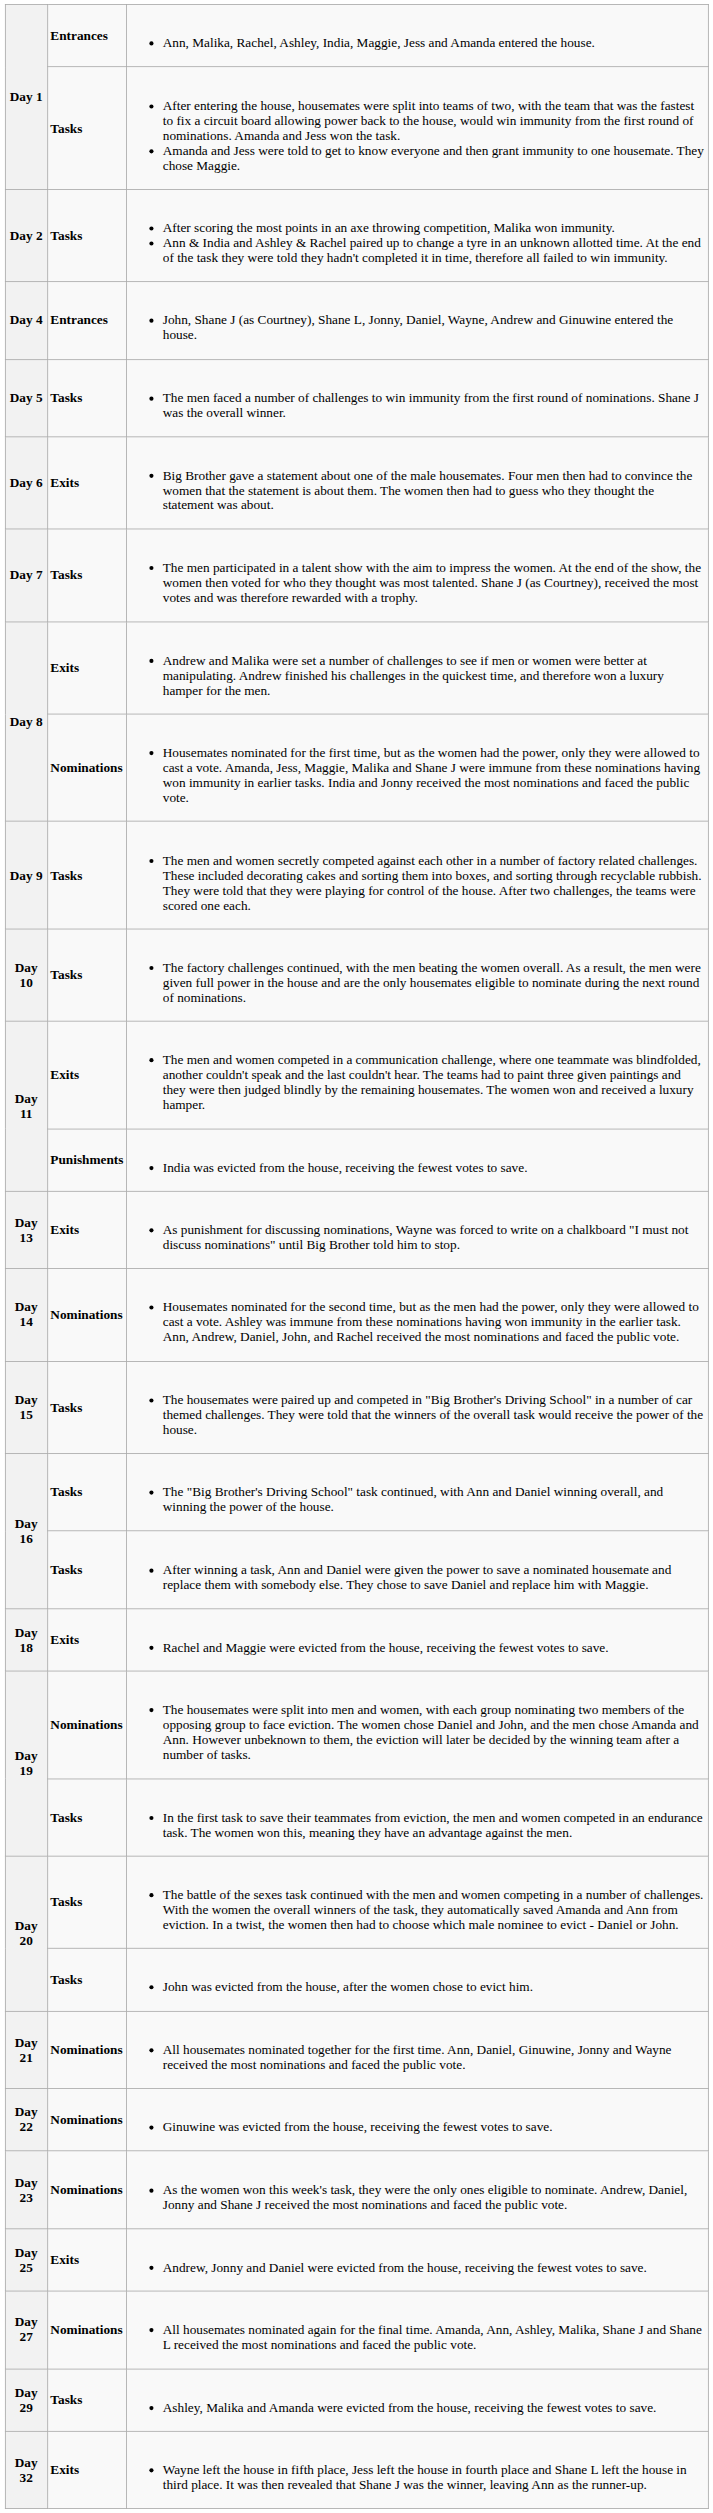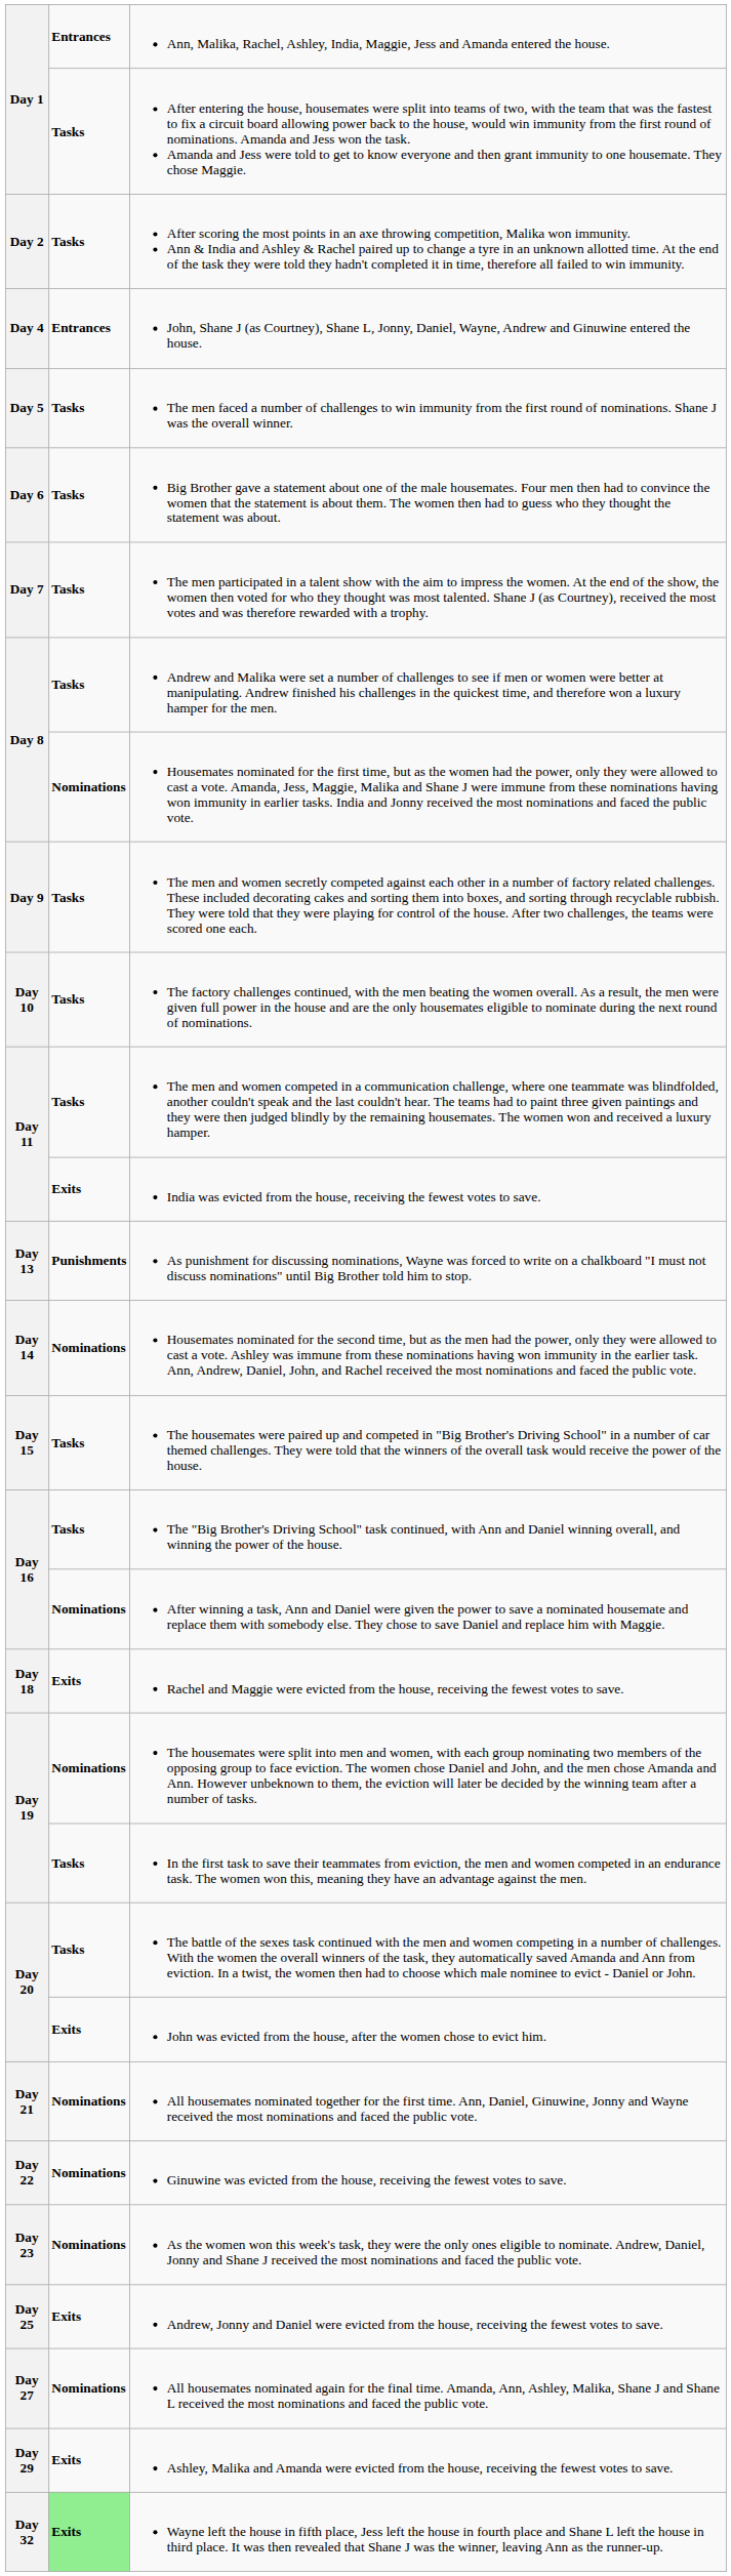 <table class="wikitable" style="width: 96%; margin-left: auto; margin-right: auto;">
 <tr>
 <th rowspan=2 style="width: 6%;">Day 1</th>
 <td><strong>Entrances</strong></td>
 <td><br><ul><li>Ann, Malika, Rachel, Ashley, India, Maggie, Jess and Amanda entered the house.</li></ul></td>
 </tr>
 <tr>
 <td><strong>Tasks</strong></td>
 <td><br><ul><li>After entering the house, housemates were split into teams of two, with the team that was the fastest to fix a circuit board allowing power back to the house, would win immunity from the first round of nominations. Amanda and Jess won the task.</li><li>Amanda and Jess were told to get to know everyone and then grant immunity to one housemate. They chose Maggie.</li></ul></td>
 </tr>
 <tr>
 <th rowspan= style="width: 6%;">Day 2</th>
 <td><strong>Tasks</strong></td>
 <td><br><ul><li>After scoring the most points in an axe throwing competition, Malika won immunity.</li><li>Ann & India and Ashley & Rachel paired up to change a tyre in an unknown allotted time. At the end of the task they were told they hadn't completed it in time, therefore all failed to win immunity.</li></ul></td>
 </tr>
 <tr>
 <th style="width: 6%;">Day 4</th>
 <td><strong>Entrances</strong></td>
 <td><br><ul><li>John, Shane J (as Courtney), Shane L, Jonny, Daniel, Wayne, Andrew and Ginuwine entered the house.</li></ul></td>
 </tr>
 <tr>
 <th style="width: 6%;">Day 5</th>
 <td><strong>Tasks</strong></td>
 <td><br><ul><li>The men faced a number of challenges to win immunity from the first round of nominations. Shane J was the overall winner.</li></ul></td>
 </tr>
 <tr>
 <th style="width: 6%;">Day 6</th>
-<td><strong>Exits</strong></td>
+<td><strong>Tasks</strong></td>
 <td><br><ul><li>Big Brother gave a statement about one of the male housemates. Four men then had to convince the women that the statement is about them. The women then had to guess who they thought the statement was about.</li></ul></td>
 </tr>
 <tr>
 <th style="width: 6%;">Day 7</th>
 <td><strong>Tasks</strong></td>
 <td><br><ul><li>The men participated in a talent show with the aim to impress the women. At the end of the show, the women then voted for who they thought was most talented. Shane J (as Courtney), received the most votes and was therefore rewarded with a trophy.</li></ul></td>
 </tr>
 <tr>
 <th rowspan=2 style="width: 6%;">Day 8</th>
-<td><strong>Exits</strong></td>
+<td><strong>Tasks</strong></td>
 <td><br><ul><li>Andrew and Malika were set a number of challenges to see if men or women were better at manipulating. Andrew finished his challenges in the quickest time, and therefore won a luxury hamper for the men.</li></ul></td>
 </tr>
 <tr>
 <td><strong>Nominations</strong></td>
 <td><br><ul><li>Housemates nominated for the first time, but as the women had the power, only they were allowed to cast a vote. Amanda, Jess, Maggie, Malika and Shane J were immune from these nominations having won immunity in earlier tasks. India and Jonny received the most nominations and faced the public vote.</li></ul></td>
 </tr>
 <tr>
 <th rowspan= style="width: 6%;">Day 9</th>
 <td><strong>Tasks</strong></td>
 <td><br><ul><li>The men and women secretly competed against each other in a number of factory related challenges. These included decorating cakes and sorting them into boxes, and sorting through recyclable rubbish. They were told that they were playing for control of the house. After two challenges, the teams were scored one each.</li></ul></td>
 </tr>
 <tr>
 <th rowspan= style="width: 6%;">Day 10</th>
 <td><strong>Tasks</strong></td>
 <td><br><ul><li>The factory challenges continued, with the men beating the women overall. As a result, the men were given full power in the house and are the only housemates eligible to nominate during the next round of nominations.</li></ul></td>
 </tr>
 <tr>
 <th rowspan=2 style="width: 6%;">Day 11</th>
-<td><strong>Exits</strong></td>
+<td><strong>Tasks</strong></td>
 <td><br><ul><li>The men and women competed in a communication challenge, where one teammate was blindfolded, another couldn't speak and the last couldn't hear. The teams had to paint three given paintings and they were then judged blindly by the remaining housemates. The women won and received a luxury hamper.</li></ul></td>
 </tr>
 <tr>
-<td><strong>Punishments</strong></td>
+<td><strong>Exits</strong></td>
 <td><br><ul><li>India was evicted from the house, receiving the fewest votes to save.</li></ul></td>
 </tr>
 <tr>
 <th rowspan= style="width: 6%;">Day 13</th>
-<td><strong>Exits</strong></td>
+<td><strong>Punishments</strong></td>
 <td><br><ul><li>As punishment for discussing nominations, Wayne was forced to write on a chalkboard "I must not discuss nominations" until Big Brother told him to stop.</li></ul></td>
 </tr>
 <tr>
 <th rowspan= style="width: 6%;">Day 14</th>
 <td><strong>Nominations</strong></td>
 <td><br><ul><li>Housemates nominated for the second time, but as the men had the power, only they were allowed to cast a vote. Ashley was immune from these nominations having won immunity in the earlier task. Ann, Andrew, Daniel, John, and Rachel received the most nominations and faced the public vote.</li></ul></td>
 </tr>
 <tr>
 <th rowspan= style="width: 6%;">Day 15</th>
 <td><strong>Tasks</strong></td>
 <td><br><ul><li>The housemates were paired up and competed in "Big Brother's Driving School" in a number of car themed challenges. They were told that the winners of the overall task would receive the power of the house.</li></ul></td>
 </tr>
 <tr>
 <th rowspan=2 style="width: 6%;">Day 16</th>
 <td><strong>Tasks</strong></td>
 <td><br><ul><li>The "Big Brother's Driving School" task continued, with Ann and Daniel winning overall, and winning the power of the house.</li></ul></td>
 </tr>
 <tr>
-<td><strong>Tasks</strong></td>
+<td><strong>Nominations</strong></td>
 <td><br><ul><li>After winning a task, Ann and Daniel were given the power to save a nominated housemate and replace them with somebody else. They chose to save Daniel and replace him with Maggie.</li></ul></td>
 </tr>
 <tr>
 <th rowspan= style="width: 6%;">Day 18</th>
 <td><strong>Exits</strong></td>
 <td><br><ul><li>Rachel and Maggie were evicted from the house, receiving the fewest votes to save.</li></ul></td>
 </tr>
 <tr>
 <th rowspan=2 style="width: 6%;">Day 19</th>
 <td><strong>Nominations</strong></td>
 <td><br><ul><li>The housemates were split into men and women, with each group nominating two members of the opposing group to face eviction. The women chose Daniel and John, and the men chose Amanda and Ann. However unbeknown to them, the eviction will later be decided by the winning team after a number of tasks.</li></ul></td>
 </tr>
 <tr>
 <td><strong>Tasks</strong></td>
 <td><br><ul><li>In the first task to save their teammates from eviction, the men and women competed in an endurance task. The women won this, meaning they have an advantage against the men.</li></ul></td>
 </tr>
 <tr>
 <th rowspan=2 style="width: 6%;">Day 20</th>
 <td><strong>Tasks</strong></td>
 <td><br><ul><li>The battle of the sexes task continued with the men and women competing in a number of challenges. With the women the overall winners of the task, they automatically saved Amanda and Ann from eviction. In a twist, the women then had to choose which male nominee to evict - Daniel or John.</li></ul></td>
 </tr>
 <tr>
-<td><strong>Tasks</strong></td>
+<td><strong>Exits</strong></td>
 <td><br><ul><li>John was evicted from the house, after the women chose to evict him.</li></ul></td>
 </tr>
 <tr>
 <th style="width: 6%;">Day 21</th>
 <td><strong>Nominations</strong></td>
 <td><br><ul><li>All housemates nominated together for the first time. Ann, Daniel, Ginuwine, Jonny and Wayne received the most nominations and faced the public vote.</li></ul></td>
 </tr>
 <tr>
 <th style="width: 6%;">Day 22</th>
 <td><strong>Nominations</strong></td>
 <td><br><ul><li>Ginuwine was evicted from the house, receiving the fewest votes to save.</li></ul></td>
 </tr>
 <tr>
 <th style="width: 6%;">Day 23</th>
 <td><strong>Nominations</strong></td>
 <td><br><ul><li>As the women won this week's task, they were the only ones eligible to nominate. Andrew, Daniel, Jonny and Shane J received the most nominations and faced the public vote.</li></ul></td>
 </tr>
 <tr>
 <th style="width: 6%;">Day 25</th>
 <td><strong>Exits</strong></td>
 <td><br><ul><li>Andrew, Jonny and Daniel were evicted from the house, receiving the fewest votes to save.</li></ul></td>
 </tr>
 <tr>
 <th style="width: 6%;">Day 27</th>
 <td><strong>Nominations</strong></td>
 <td><br><ul><li>All housemates nominated again for the final time. Amanda, Ann, Ashley, Malika, Shane J and Shane L received the most nominations and faced the public vote.</li></ul></td>
 </tr>
 <tr>
 <th style="width: 6%;">Day 29</th>
-<td><strong>Tasks</strong></td>
+<td><strong>Exits</strong></td>
 <td><br><ul><li>Ashley, Malika and Amanda were evicted from the house, receiving the fewest votes to save.</li></ul></td>
 </tr>
 <tr>
 <th style="width: 6%;">Day 32</th>
-<td><strong>Exits</strong></td>
+<td style="background: lightgreen;"><strong>Exits</strong></td>
 <td><br><ul><li>Wayne left the house in fifth place, Jess left the house in fourth place and Shane L left the house in third place. It was then revealed that Shane J was the winner, leaving Ann as the runner-up.</li></ul></td>
 </tr>
 </table>
